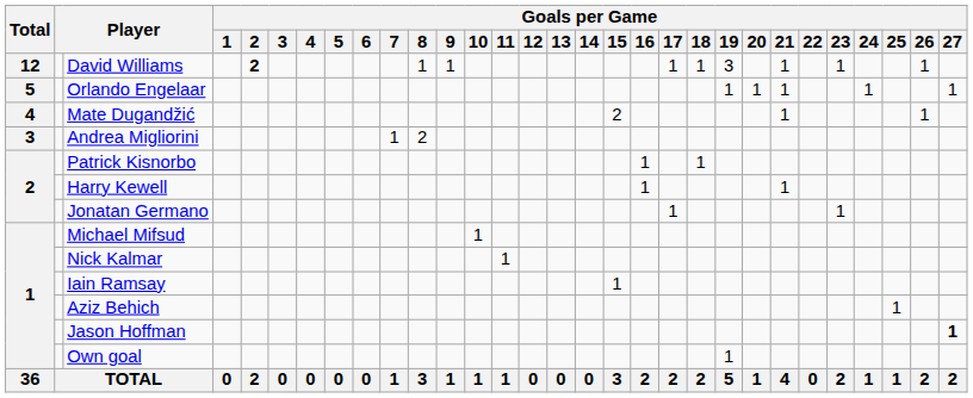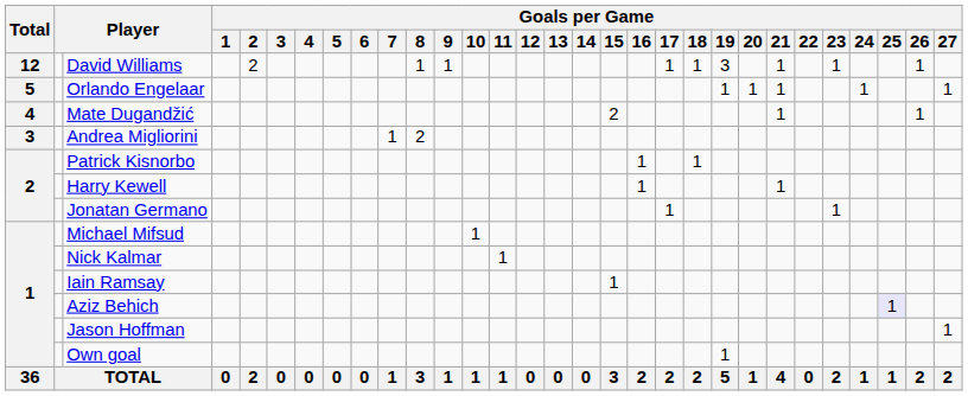 <table class="wikitable" style="text-align:center; line-height: 90%; font-size:90%;">
 <tr>
 <th rowspan="2">Total</th>
 <th rowspan="2" colspan="2">Player</th>
 <th colspan="32">Goals per Game</th>
 </tr>
 <tr>
 <th> 1 </th>
 <th> 2 </th>
 <th> 3 </th>
 <th> 4 </th>
 <th> 5 </th>
 <th> 6 </th>
 <th> 7 </th>
 <th> 8 </th>
 <th> 9 </th>
 <th>10</th>
 <th>11</th>
 <th>12</th>
 <th>13</th>
 <th>14</th>
 <th>15</th>
 <th>16</th>
 <th>17</th>
 <th>18</th>
 <th>19</th>
 <th>20</th>
 <th>21</th>
 <th>22</th>
 <th>23</th>
 <th>24</th>
 <th>25</th>
 <th>26</th>
 <th>27</th>
 </tr>
 <tr>
 <th rowspan="1">12</th>
 <td></td>
 <td style="text-align:left;"><a href='#'>David Williams</a></td>
 <td></td>
-<td><strong>2</strong></td>
+<td>2</td>
 <td></td>
 <td></td>
 <td></td>
 <td></td>
 <td></td>
 <td>1</td>
 <td>1</td>
 <td></td>
 <td></td>
 <td></td>
 <td></td>
 <td></td>
 <td></td>
 <td></td>
 <td>1</td>
 <td>1</td>
 <td>3</td>
 <td></td>
 <td>1</td>
 <td></td>
 <td>1</td>
 <td></td>
 <td></td>
 <td>1</td>
 <td></td>
 </tr>
 <tr>
 <th rowspan="1">5</th>
 <td></td>
 <td style="text-align:left;"><a href='#'>Orlando Engelaar</a></td>
 <td></td>
 <td></td>
 <td></td>
 <td></td>
 <td></td>
 <td></td>
 <td></td>
 <td></td>
 <td></td>
 <td></td>
 <td></td>
 <td></td>
 <td></td>
 <td></td>
 <td></td>
 <td></td>
 <td></td>
 <td></td>
 <td>1</td>
 <td>1</td>
 <td>1</td>
 <td></td>
 <td></td>
 <td>1</td>
 <td></td>
 <td></td>
 <td>1</td>
 </tr>
 <tr>
 <th rowspan="1">4</th>
 <td></td>
 <td style="text-align:left;"><a href='#'>Mate Dugandžić</a></td>
 <td></td>
 <td></td>
 <td></td>
 <td></td>
 <td></td>
 <td></td>
 <td></td>
 <td></td>
 <td></td>
 <td></td>
 <td></td>
 <td></td>
 <td></td>
 <td></td>
 <td>2</td>
 <td></td>
 <td></td>
 <td></td>
 <td></td>
 <td></td>
 <td>1</td>
 <td></td>
 <td></td>
 <td></td>
 <td></td>
 <td>1</td>
 <td></td>
 </tr>
 <tr>
 <th rowspan="1">3</th>
 <td></td>
 <td style="text-align:left;"><a href='#'>Andrea Migliorini</a></td>
 <td></td>
 <td></td>
 <td></td>
 <td></td>
 <td></td>
 <td></td>
 <td>1</td>
 <td>2</td>
 <td></td>
 <td></td>
 <td></td>
 <td></td>
 <td></td>
 <td></td>
 <td></td>
 <td></td>
 <td></td>
 <td></td>
 <td></td>
 <td></td>
 <td></td>
 <td></td>
 <td></td>
 <td></td>
 <td></td>
 <td></td>
 <td></td>
 </tr>
 <tr>
 <th rowspan="3">2</th>
 <td></td>
 <td style="text-align:left;"><a href='#'>Patrick Kisnorbo</a></td>
 <td></td>
 <td></td>
 <td></td>
 <td></td>
 <td></td>
 <td></td>
 <td></td>
 <td></td>
 <td></td>
 <td></td>
 <td></td>
 <td></td>
 <td></td>
 <td></td>
 <td></td>
 <td>1</td>
 <td></td>
 <td>1</td>
 <td></td>
 <td></td>
 <td></td>
 <td></td>
 <td></td>
 <td></td>
 <td></td>
 <td></td>
 <td></td>
 </tr>
 <tr>
 <td></td>
 <td style="text-align:left;"><a href='#'>Harry Kewell</a></td>
 <td></td>
 <td></td>
 <td></td>
 <td></td>
 <td></td>
 <td></td>
 <td></td>
 <td></td>
 <td></td>
 <td></td>
 <td></td>
 <td></td>
 <td></td>
 <td></td>
 <td></td>
 <td>1</td>
 <td></td>
 <td></td>
 <td></td>
 <td></td>
 <td>1</td>
 <td></td>
 <td></td>
 <td></td>
 <td></td>
 <td></td>
 <td></td>
 </tr>
 <tr>
 <td></td>
 <td style="text-align:left;"><a href='#'>Jonatan Germano</a></td>
 <td></td>
 <td></td>
 <td></td>
 <td></td>
 <td></td>
 <td></td>
 <td></td>
 <td></td>
 <td></td>
 <td></td>
 <td></td>
 <td></td>
 <td></td>
 <td></td>
 <td></td>
 <td></td>
 <td>1</td>
 <td></td>
 <td></td>
 <td></td>
 <td></td>
 <td></td>
 <td>1</td>
 <td></td>
 <td></td>
 <td></td>
 <td></td>
 </tr>
 <tr>
 <th rowspan="6">1</th>
 <td></td>
 <td style="text-align:left;"><a href='#'>Michael Mifsud</a></td>
 <td></td>
 <td></td>
 <td></td>
 <td></td>
 <td></td>
 <td></td>
 <td></td>
 <td></td>
 <td></td>
 <td>1</td>
 <td></td>
 <td></td>
 <td></td>
 <td></td>
 <td></td>
 <td></td>
 <td></td>
 <td></td>
 <td></td>
 <td></td>
 <td></td>
 <td></td>
 <td></td>
 <td></td>
 <td></td>
 <td></td>
 <td></td>
 </tr>
 <tr>
 <td></td>
 <td style="text-align:left;"><a href='#'>Nick Kalmar</a></td>
 <td></td>
 <td></td>
 <td></td>
 <td></td>
 <td></td>
 <td></td>
 <td></td>
 <td></td>
 <td></td>
 <td></td>
 <td>1</td>
 <td></td>
 <td></td>
 <td></td>
 <td></td>
 <td></td>
 <td></td>
 <td></td>
 <td></td>
 <td></td>
 <td></td>
 <td></td>
 <td></td>
 <td></td>
 <td></td>
 <td></td>
 <td></td>
 </tr>
 <tr>
 <td></td>
 <td style="text-align:left;"><a href='#'>Iain Ramsay</a></td>
 <td></td>
 <td></td>
 <td></td>
 <td></td>
 <td></td>
 <td></td>
 <td></td>
 <td></td>
 <td></td>
 <td></td>
 <td></td>
 <td></td>
 <td></td>
 <td></td>
 <td>1</td>
 <td></td>
 <td></td>
 <td></td>
 <td></td>
 <td></td>
 <td></td>
 <td></td>
 <td></td>
 <td></td>
 <td></td>
 <td></td>
 <td></td>
 </tr>
 <tr>
 <td></td>
 <td style="text-align:left;"><a href='#'>Aziz Behich</a></td>
 <td></td>
 <td></td>
 <td></td>
 <td></td>
 <td></td>
 <td></td>
 <td></td>
 <td></td>
 <td></td>
 <td></td>
 <td></td>
 <td></td>
 <td></td>
 <td></td>
 <td></td>
 <td></td>
 <td></td>
 <td></td>
 <td></td>
 <td></td>
 <td></td>
 <td></td>
 <td></td>
 <td></td>
-<td>1</td>
+<td style="background: lavender;">1</td>
 <td></td>
 <td></td>
 </tr>
 <tr>
 <td></td>
 <td style="text-align:left;"><a href='#'>Jason Hoffman</a></td>
 <td></td>
 <td></td>
 <td></td>
 <td></td>
 <td></td>
 <td></td>
 <td></td>
 <td></td>
 <td></td>
 <td></td>
 <td></td>
 <td></td>
 <td></td>
 <td></td>
 <td></td>
 <td></td>
 <td></td>
 <td></td>
 <td></td>
 <td></td>
 <td></td>
 <td></td>
 <td></td>
 <td></td>
 <td></td>
 <td></td>
-<td><strong>1</strong></td>
+<td>1</td>
 </tr>
 <tr>
 <td></td>
 <td style="text-align:left;"><a href='#'>Own goal</a></td>
 <td></td>
 <td></td>
 <td></td>
 <td></td>
 <td></td>
 <td></td>
 <td></td>
 <td></td>
 <td></td>
 <td></td>
 <td></td>
 <td></td>
 <td></td>
 <td></td>
 <td></td>
 <td></td>
 <td></td>
 <td></td>
 <td>1</td>
 <td></td>
 <td></td>
 <td></td>
 <td></td>
 <td></td>
 <td></td>
 <td></td>
 <td></td>
 </tr>
 <tr>
 <th rowspan="1">36</th>
 <th colspan="2">TOTAL</th>
 <th style="text-align:center;">0</th>
 <th>2</th>
 <th>0</th>
 <th>0</th>
 <th>0</th>
 <th>0</th>
 <th>1</th>
 <th>3</th>
 <th>1</th>
 <th>1</th>
 <th>1</th>
 <th>0</th>
 <th>0</th>
 <th>0</th>
 <th>3</th>
 <th>2</th>
 <th>2</th>
 <th>2</th>
 <th>5</th>
 <th>1</th>
 <th>4</th>
 <th>0</th>
 <th>2</th>
 <th>1</th>
 <th>1</th>
 <th>2</th>
 <th>2</th>
 </tr>
 </table>
